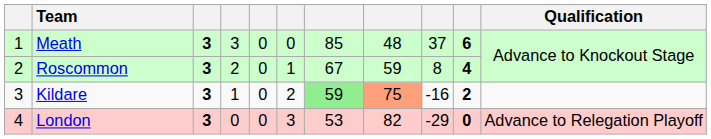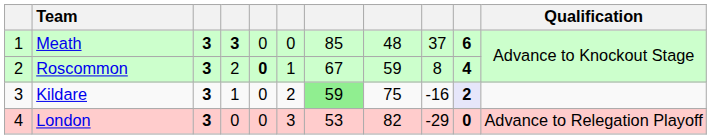 <table class="wikitable" style="text-align:center">
 <tr>
 <th width=20></th>
 <th width=150 style="text-align:left;">Team</th>
 <th width=20></th>
 <th width=20></th>
 <th width=20></th>
 <th width=20></th>
 <th width=50></th>
 <th width=50></th>
 <th width=20></th>
 <th width=20></th>
 <th>Qualification</th>
 </tr>
 <tr style="background:#ccffcc">
 <td>1</td>
 <td align=left> <a href='#'>Meath</a></td>
 <td><strong>3</strong></td>
-<td>3</td>
+<td><strong>3</strong></td>
 <td>0</td>
 <td>0</td>
 <td>85</td>
 <td>48</td>
 <td>37</td>
 <td><strong>6</strong></td>
 <td rowspan="2">Advance to Knockout Stage</td>
 </tr>
 <tr style="background:#ccffcc">
 <td>2</td>
 <td align=left> <a href='#'>Roscommon</a></td>
 <td><strong>3</strong></td>
 <td>2</td>
-<td>0</td>
+<td><strong>0</strong></td>
 <td>1</td>
 <td>67</td>
 <td>59</td>
 <td>8</td>
 <td><strong>4</strong></td>
 </tr>
 <tr>
 <td>3</td>
 <td align=left> <a href='#'>Kildare</a></td>
 <td><strong>3</strong></td>
 <td>1</td>
 <td>0</td>
 <td>2</td>
 <td style="background: lightgreen;">59</td>
-<td style="background: lightsalmon;">75</td>
+<td>75</td>
 <td>-16</td>
-<td><strong>2</strong></td>
+<td style="background: lavender;"><strong>2</strong></td>
 <td></td>
 </tr>
 <tr style="background:#ffcccc">
 <td>4</td>
 <td align=left> <a href='#'>London</a></td>
 <td><strong>3</strong></td>
 <td>0</td>
 <td>0</td>
 <td>3</td>
 <td>53</td>
 <td>82</td>
 <td>-29</td>
 <td><strong>0</strong></td>
 <td>Advance to Relegation Playoff</td>
 </tr>
 </table>
